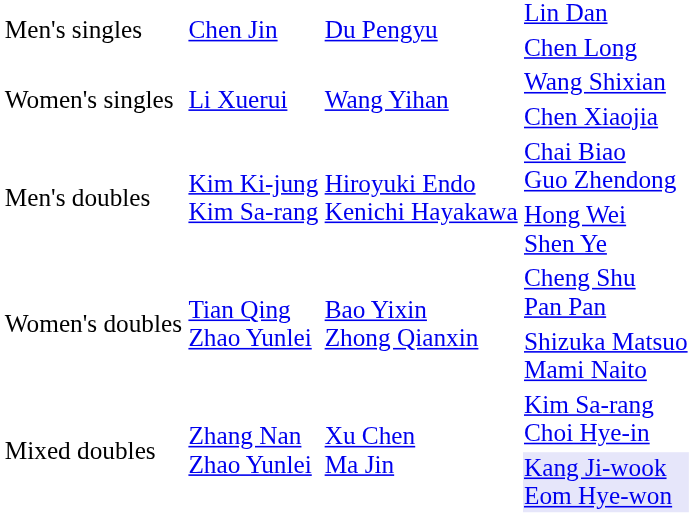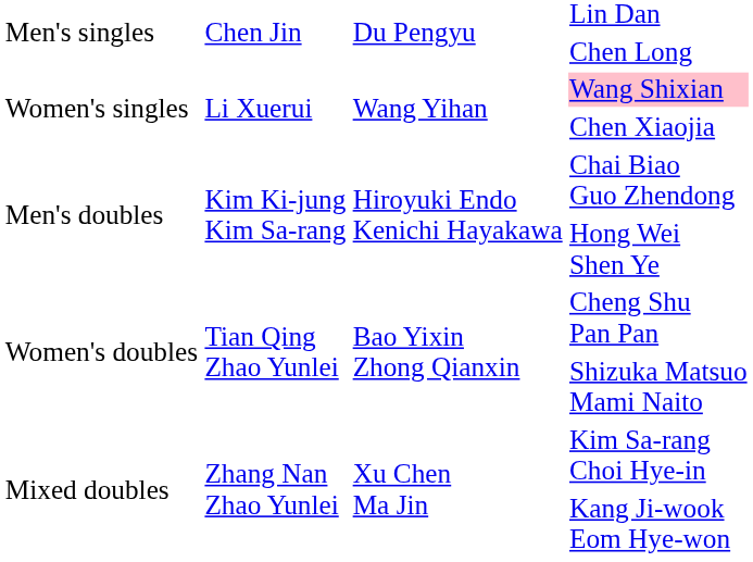 <table>
 <tr>
 <td rowspan=2>Men's singles</td>
 <td rowspan=2> <a href='#'>Chen Jin</a></td>
 <td rowspan=2> <a href='#'>Du Pengyu</a></td>
 <td> <a href='#'>Lin Dan</a></td>
 </tr>
 <tr>
 <td> <a href='#'>Chen Long</a></td>
 </tr>
 <tr>
 <td rowspan=2>Women's singles</td>
 <td rowspan=2> <a href='#'>Li Xuerui</a></td>
 <td rowspan=2> <a href='#'>Wang Yihan</a></td>
-<td> <a href='#'>Wang Shixian</a></td>
+<td style="background: pink;"> <a href='#'>Wang Shixian</a></td>
 </tr>
 <tr>
 <td> <a href='#'>Chen Xiaojia</a></td>
 </tr>
 <tr>
 <td rowspan=2>Men's doubles</td>
 <td rowspan=2> <a href='#'>Kim Ki-jung</a> <br> <a href='#'>Kim Sa-rang</a></td>
 <td rowspan=2> <a href='#'>Hiroyuki Endo</a> <br> <a href='#'>Kenichi Hayakawa</a></td>
 <td> <a href='#'>Chai Biao</a> <br> <a href='#'>Guo Zhendong</a></td>
 </tr>
 <tr>
 <td> <a href='#'>Hong Wei</a> <br> <a href='#'>Shen Ye</a></td>
 </tr>
 <tr>
 <td rowspan=2>Women's doubles</td>
 <td rowspan=2> <a href='#'>Tian Qing</a> <br> <a href='#'>Zhao Yunlei</a></td>
 <td rowspan=2> <a href='#'>Bao Yixin</a> <br> <a href='#'>Zhong Qianxin</a></td>
 <td> <a href='#'>Cheng Shu</a> <br> <a href='#'>Pan Pan</a></td>
 </tr>
 <tr>
 <td> <a href='#'>Shizuka Matsuo</a> <br> <a href='#'>Mami Naito</a></td>
 </tr>
 <tr>
 <td rowspan=2>Mixed doubles</td>
 <td rowspan=2> <a href='#'>Zhang Nan</a> <br> <a href='#'>Zhao Yunlei</a></td>
 <td rowspan=2> <a href='#'>Xu Chen</a> <br> <a href='#'>Ma Jin</a></td>
 <td> <a href='#'>Kim Sa-rang</a> <br> <a href='#'>Choi Hye-in</a></td>
 </tr>
 <tr>
-<td style="background: lavender;"> <a href='#'>Kang Ji-wook</a> <br> <a href='#'>Eom Hye-won</a></td>
+<td> <a href='#'>Kang Ji-wook</a> <br> <a href='#'>Eom Hye-won</a></td>
 </tr>
 </table>
